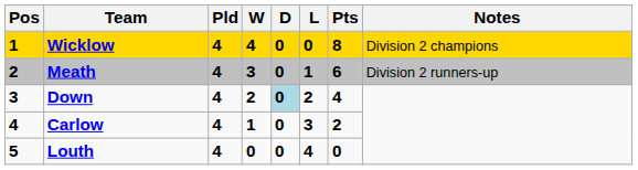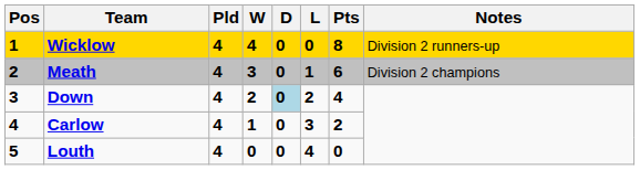 <table class="wikitable" style="text-align: centre;">
 <tr>
 <th width=20>Pos</th>
 <th width=150>Team</th>
 <th width=20>Pld</th>
 <th width=20>W</th>
 <th width=20>D</th>
 <th width=20>L</th>
 <th width=20>Pts</th>
 <th width=250>Notes</th>
 </tr>
 <tr style="background:gold;">
 <td><strong>1</strong></td>
 <td align=left><strong> <a href='#'>Wicklow</a> </strong></td>
 <td><strong>4</strong></td>
 <td><strong>4</strong></td>
 <td><strong>0</strong></td>
 <td><strong>0</strong></td>
 <td><strong>8</strong></td>
-<td><small> Division 2 champions</small></td>
+<td><small> Division 2 runners-up</small></td>
 </tr>
 <tr style="background:silver;">
 <td><strong>2</strong></td>
 <td align=left><strong> <a href='#'>Meath</a> </strong></td>
 <td><strong>4</strong></td>
 <td><strong>3</strong></td>
 <td><strong>0</strong></td>
 <td><strong>1</strong></td>
 <td><strong>6</strong></td>
-<td><small> Division 2 runners-up</small></td>
+<td><small> Division 2 champions</small></td>
 </tr>
 <tr style>
 <td><strong>3</strong></td>
 <td align=left><strong> <a href='#'>Down</a> </strong></td>
 <td><strong>4</strong></td>
 <td><strong>2</strong></td>
 <td style="background: lightblue;"><strong>0</strong></td>
 <td><strong>2</strong></td>
 <td><strong>4</strong></td>
 </tr>
 <tr style>
 <td><strong>4</strong></td>
 <td align=left><strong> <a href='#'>Carlow</a> </strong></td>
 <td><strong>4</strong></td>
 <td><strong>1</strong></td>
 <td><strong>0</strong></td>
 <td><strong>3</strong></td>
 <td><strong>2</strong></td>
 </tr>
 <tr style>
 <td><strong>5</strong></td>
 <td align=left><strong> <a href='#'>Louth</a> </strong></td>
 <td><strong>4</strong></td>
 <td><strong>0</strong></td>
 <td><strong>0</strong></td>
 <td><strong>4</strong></td>
 <td><strong>0</strong></td>
 </tr>
 </table>
